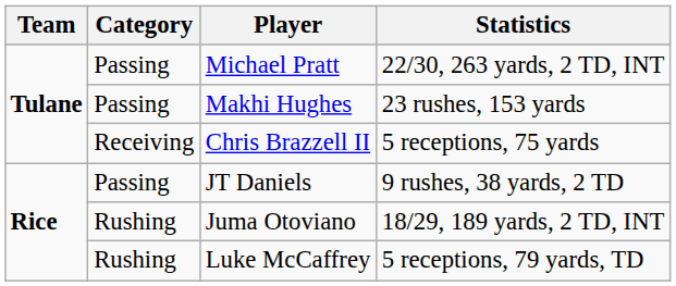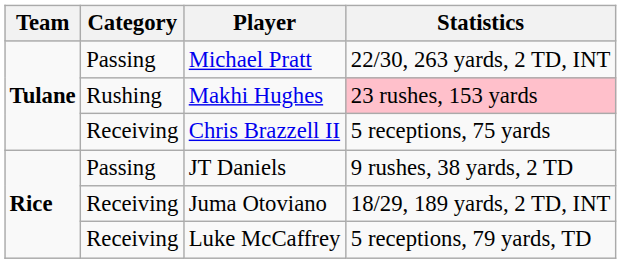 <table class="wikitable" style="float: right;">
 <tr>
 <th>Team</th>
 <th>Category</th>
 <th>Player</th>
 <th>Statistics</th>
 </tr>
 <tr>
 <td rowspan=3><strong>Tulane</strong></td>
 <td>Passing</td>
 <td><a href='#'>Michael Pratt</a></td>
 <td>22/30, 263 yards, 2 TD, INT</td>
 </tr>
 <tr>
-<td>Passing</td>
+<td>Rushing</td>
 <td><a href='#'>Makhi Hughes</a></td>
-<td>23 rushes, 153 yards</td>
+<td style="background: pink;">23 rushes, 153 yards</td>
 </tr>
 <tr>
 <td>Receiving</td>
 <td><a href='#'>Chris Brazzell II</a></td>
 <td>5 receptions, 75 yards</td>
 </tr>
 <tr>
 <td rowspan=3><strong>Rice</strong></td>
 <td>Passing</td>
 <td>JT Daniels</td>
 <td>9 rushes, 38 yards, 2 TD</td>
 </tr>
 <tr>
-<td>Rushing</td>
+<td>Receiving</td>
 <td>Juma Otoviano</td>
 <td>18/29, 189 yards, 2 TD, INT</td>
 </tr>
 <tr>
-<td>Rushing</td>
+<td>Receiving</td>
 <td>Luke McCaffrey</td>
 <td>5 receptions, 79 yards, TD</td>
 </tr>
 </table>
